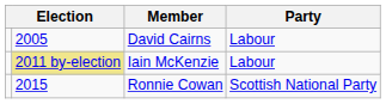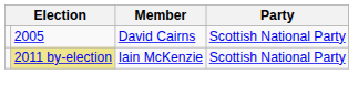 <table class="wikitable">
 <tr>
 <th colspan="2">Election</th>
 <th>Member</th>
 <th>Party</th>
 </tr>
 <tr>
 <td style="color:inherit;background-color: "></td>
 <td><a href='#'>2005</a></td>
 <td><a href='#'>David Cairns</a></td>
-<td><a href='#'>Labour</a></td>
+<td><a href='#'>Scottish National Party</a></td>
 </tr>
 <tr>
 <td style="color:inherit;background-color: "></td>
 <td style="background: khaki;"><a href='#'>2011 by-election</a></td>
 <td><a href='#'>Iain McKenzie</a></td>
-<td><a href='#'>Labour</a></td>
-</tr>
-<tr>
-<td style="color:inherit;background-color: "></td>
-<td><a href='#'>2015</a></td>
-<td><a href='#'>Ronnie Cowan</a></td>
 <td><a href='#'>Scottish National Party</a></td>
 </tr>
 </table>
